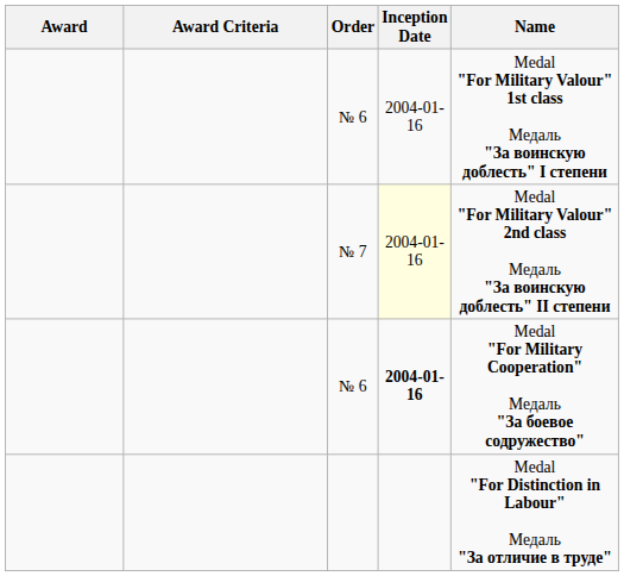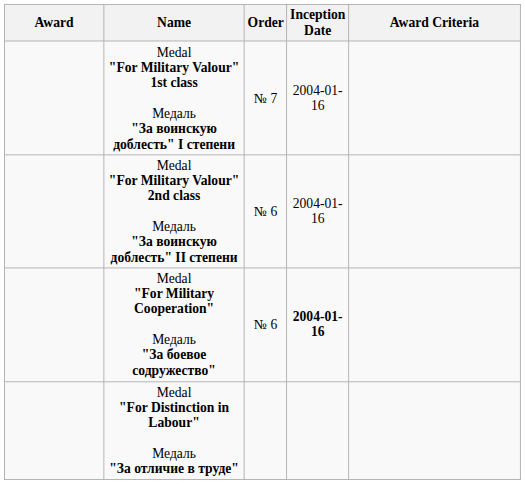 <table class="wikitable sortable" style="text-align:center">
 <tr>
 <th style="width:20%">Award</th>
-<th style="width:35%">Award Criteria</th>
+<th style="width:28%">Name </th>
 <th style="width:07%">Order</th>
 <th style="width:10%">Inception Date</th>
-<th style="width:28%">Name </th>
+<th style="width:35%">Award Criteria</th>
 </tr>
 <tr>
 <td></td>
+<td>Medal<br><strong>"For Military Valour" 1st class</strong><br><br>Медаль<br><strong>"За воинскую доблесть" I степени</strong></td>
+<td>№ 7</td>
+<td>2004-01-16</td>
 <td></td>
-<td>№ 6</td>
-<td>2004-01-16</td>
-<td>Medal<br><strong>"For Military Valour" 1st class</strong><br><br>Медаль<br><strong>"За воинскую доблесть" I степени</strong></td>
 </tr>
 <tr>
 <td></td>
+<td>Medal<br><strong>"For Military Valour" 2nd class</strong><br><br>Медаль<br><strong>"За воинскую доблесть" II степени</strong></td>
+<td>№ 6</td>
+<td>2004-01-16</td>
 <td></td>
-<td>№ 7</td>
-<td style="background: lightyellow;">2004-01-16</td>
-<td>Medal<br><strong>"For Military Valour" 2nd class</strong><br><br>Медаль<br><strong>"За воинскую доблесть" II степени</strong></td>
 </tr>
 <tr>
 <td></td>
-<td></td>
+<td>Medal<br><strong>"For Military Cooperation"</strong><br><br>Медаль<br><strong>"За боевое содружество"</strong></td>
 <td>№ 6</td>
 <td><strong>2004-01-16</strong></td>
-<td>Medal<br><strong>"For Military Cooperation"</strong><br><br>Медаль<br><strong>"За боевое содружество"</strong></td>
+<td></td>
 </tr>
 <tr>
 <td></td>
+<td>Medal<br><strong>"For Distinction in Labour"</strong><br><br>Медаль<br><strong>"За отличие в труде"</strong></td>
 <td></td>
 <td></td>
 <td></td>
-<td>Medal<br><strong>"For Distinction in Labour"</strong><br><br>Медаль<br><strong>"За отличие в труде"</strong></td>
 </tr>
 </table>
